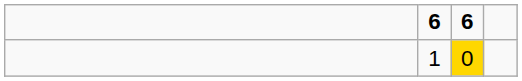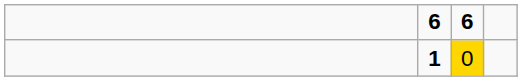 <table class="wikitable">
 <tr>
 <td style="width:18em"><strong></strong></td>
 <td align=center style="width:1em"><strong>6</strong></td>
 <td align=center style="width:1em"><strong>6</strong></td>
 <td align=center style="width:1em"></td>
 </tr>
 <tr>
 <td style="width:18em"></td>
-<td align=center style="width:1em">1</td>
+<td align=center style="width:1em"><strong>1</strong></td>
 <td align=center style="background: gold; width:1em">0</td>
 <td align=center style="width:1em"></td>
 </tr>
 </table>
